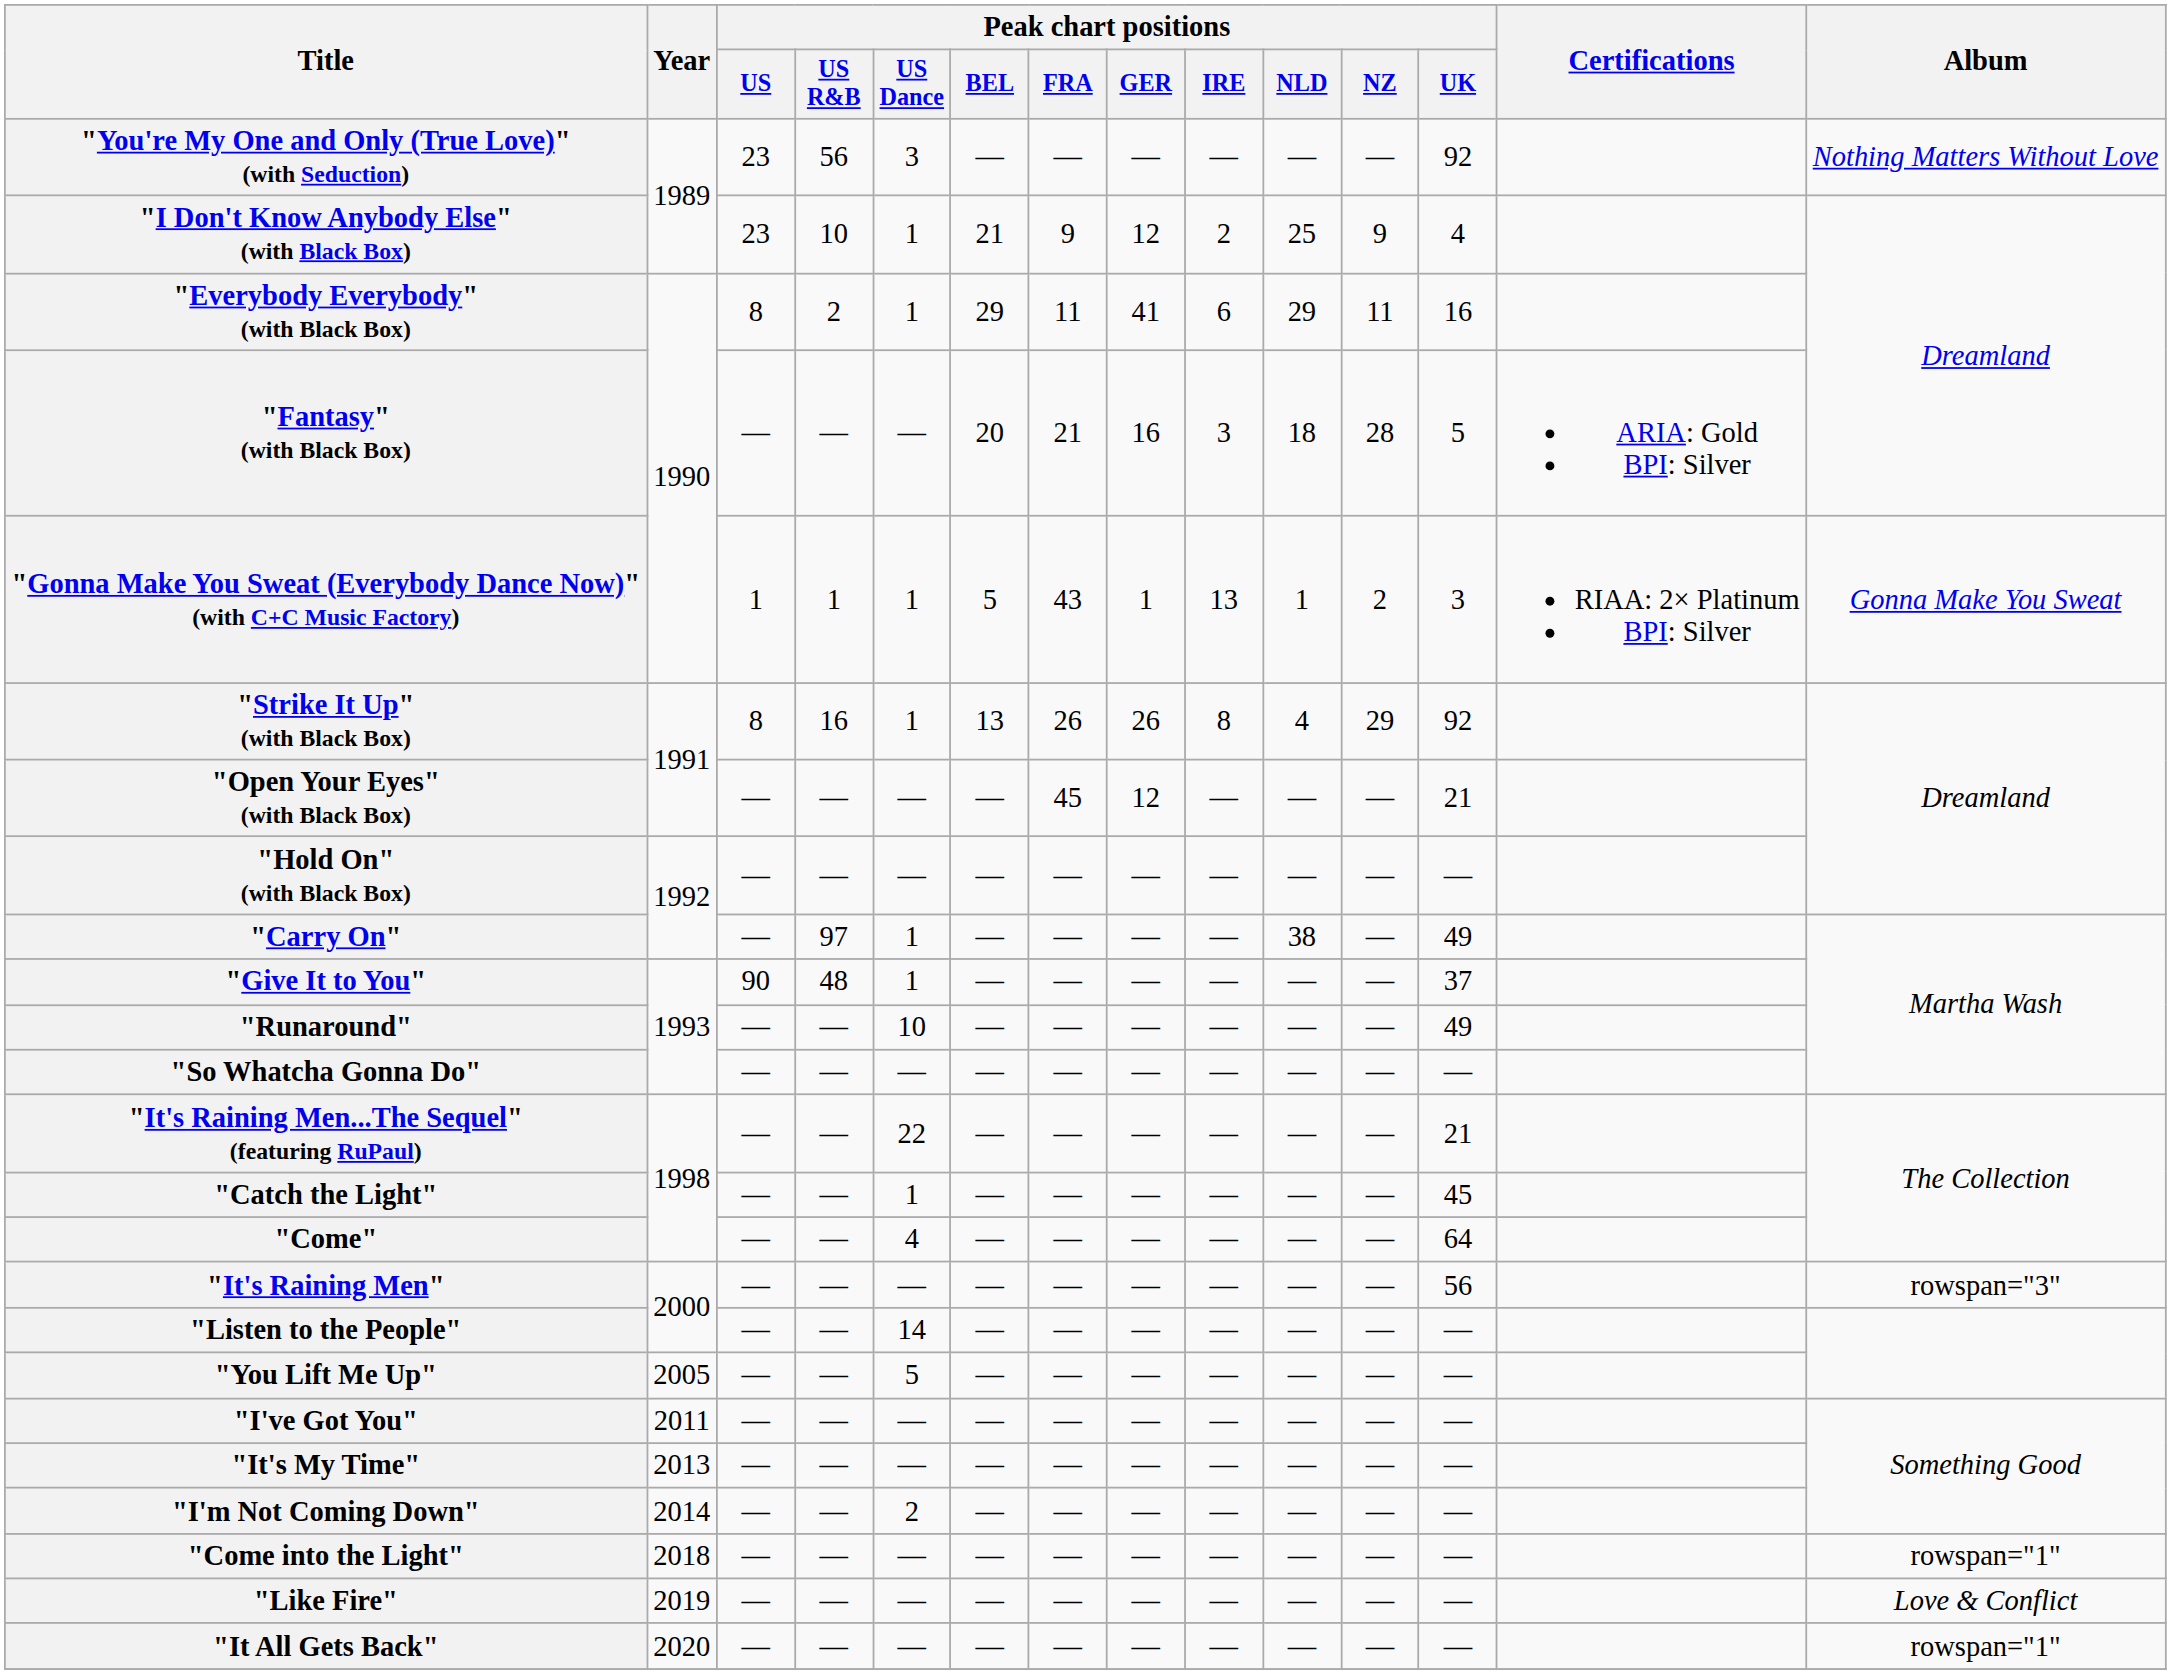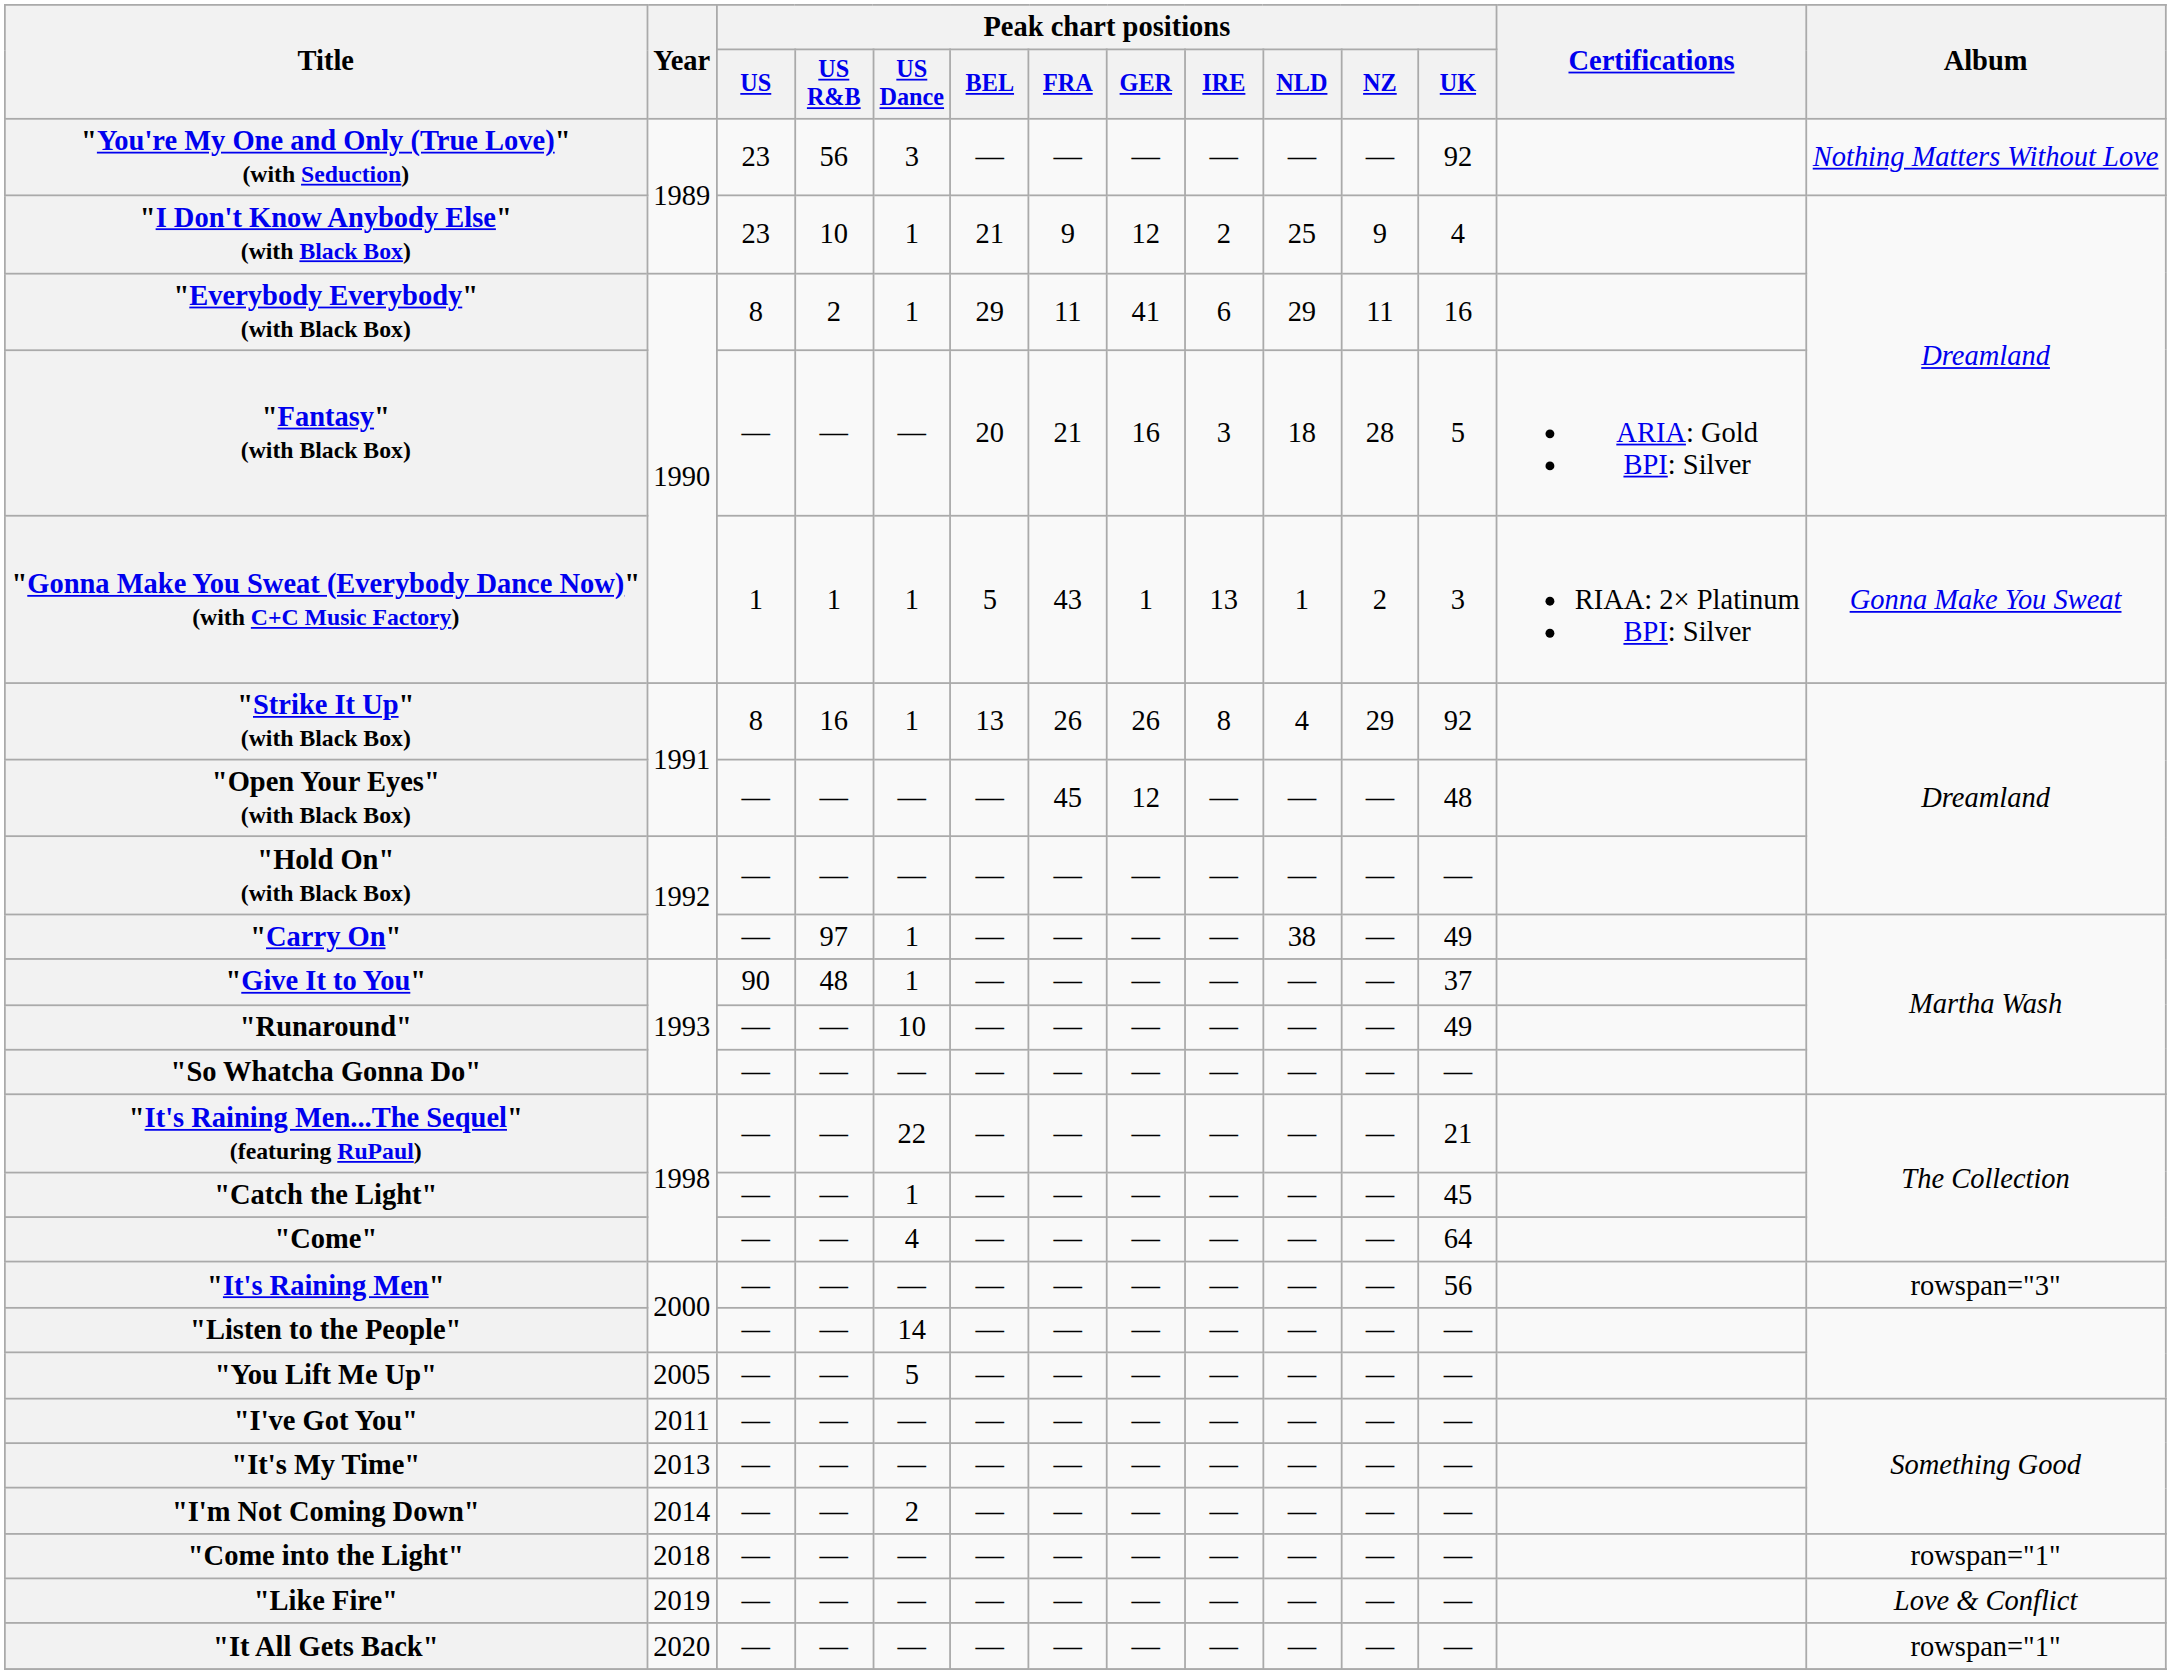 <table class="wikitable plainrowheaders" style="text-align: center;" border="1">
 <tr>
 <th rowspan="2">Title</th>
 <th rowspan="2">Year</th>
 <th colspan="10">Peak chart positions</th>
 <th rowspan="2"><a href='#'>Certifications</a></th>
 <th rowspan="2">Album</th>
 </tr>
 <tr>
 <th scope="col" style="width:2.75em;font-size:85%;"><a href='#'>US</a><br></th>
 <th scope="col" style="width:2.75em;font-size:85%;"><a href='#'>US R&B</a><br></th>
 <th scope="col" style="width:2.75em;font-size:85%;"><a href='#'>US Dance</a><br></th>
 <th scope="col" style="width:2.75em;font-size:85%;"><a href='#'>BEL</a><br></th>
 <th scope="col" style="width:2.75em;font-size:85%;"><a href='#'>FRA</a><br></th>
 <th scope="col" style="width:2.75em;font-size:85%;"><a href='#'>GER</a><br></th>
 <th scope="col" style="width:2.75em;font-size:85%;"><a href='#'>IRE</a><br></th>
 <th scope="col" style="width:2.75em;font-size:85%;"><a href='#'>NLD</a><br></th>
 <th scope="col" style="width:2.75em;font-size:85%;"><a href='#'>NZ</a><br></th>
 <th scope="col" style="width:2.75em;font-size:85%;"><a href='#'>UK</a><br></th>
 </tr>
 <tr>
 <th scope="row">"<a href='#'>You're My One and Only (True Love)</a>"<br><small>(with <a href='#'>Seduction</a>)</small></th>
 <td rowspan="2">1989</td>
 <td>23</td>
 <td>56</td>
 <td>3</td>
 <td>—</td>
 <td>—</td>
 <td>—</td>
 <td>—</td>
 <td>—</td>
 <td>—</td>
 <td>92</td>
 <td></td>
 <td><em><a href='#'>Nothing Matters Without Love</a></em></td>
 </tr>
 <tr>
 <th scope="row">"<a href='#'>I Don't Know Anybody Else</a>"<br><small>(with <a href='#'>Black Box</a>)</small></th>
 <td>23</td>
 <td>10</td>
 <td>1</td>
 <td>21</td>
 <td>9</td>
 <td>12</td>
 <td>2</td>
 <td>25</td>
 <td>9</td>
 <td>4</td>
 <td></td>
 <td rowspan="3"><em><a href='#'>Dreamland</a></em></td>
 </tr>
 <tr>
 <th scope="row">"<a href='#'>Everybody Everybody</a>"<br><small>(with Black Box)</small></th>
 <td rowspan="3">1990</td>
 <td>8</td>
 <td>2</td>
 <td>1</td>
 <td>29</td>
 <td>11</td>
 <td>41</td>
 <td>6</td>
 <td>29</td>
 <td>11</td>
 <td>16</td>
 <td></td>
 </tr>
 <tr>
 <th scope="row">"<a href='#'>Fantasy</a>"<br><small>(with Black Box)</small></th>
 <td>—</td>
 <td>—</td>
 <td>—</td>
 <td>20</td>
 <td>21</td>
 <td>16</td>
 <td>3</td>
 <td>18</td>
 <td>28</td>
 <td>5</td>
 <td><br><ul><li><a href='#'>ARIA</a>: Gold</li><li><a href='#'>BPI</a>: Silver</li></ul></td>
 </tr>
 <tr>
 <th scope="row">"<a href='#'>Gonna Make You Sweat (Everybody Dance Now)</a>"<br><small>(with <a href='#'>C+C Music Factory</a>)</small></th>
 <td>1</td>
 <td>1</td>
 <td>1</td>
 <td>5</td>
 <td>43</td>
 <td>1</td>
 <td>13</td>
 <td>1</td>
 <td>2</td>
 <td>3</td>
 <td><br><ul><li>RIAA: 2× Platinum</li><li><a href='#'>BPI</a>: Silver</li></ul></td>
 <td rowspan="1"><em><a href='#'>Gonna Make You Sweat</a></em></td>
 </tr>
 <tr>
 <th scope="row">"<a href='#'>Strike It Up</a>"<br><small>(with Black Box)</small></th>
 <td rowspan="2">1991</td>
 <td>8</td>
 <td>16</td>
 <td>1</td>
 <td>13</td>
 <td>26</td>
 <td>26</td>
 <td>8</td>
 <td>4</td>
 <td>29</td>
 <td>92</td>
 <td></td>
 <td rowspan="3"><em>Dreamland</em></td>
 </tr>
 <tr>
 <th scope="row">"Open Your Eyes"<br><small>(with Black Box)</small></th>
 <td>—</td>
 <td>—</td>
 <td>—</td>
 <td>—</td>
 <td>45</td>
 <td>12</td>
 <td>—</td>
 <td>—</td>
 <td>—</td>
-<td>21</td>
+<td>48</td>
 <td></td>
 </tr>
 <tr>
 <th scope="row">"Hold On"<br><small>(with Black Box)</small></th>
 <td rowspan="2">1992</td>
 <td>—</td>
 <td>—</td>
 <td>—</td>
 <td>—</td>
 <td>—</td>
 <td>—</td>
 <td>—</td>
 <td>—</td>
 <td>—</td>
 <td>—</td>
 <td></td>
 </tr>
 <tr>
 <th scope="row">"<a href='#'>Carry On</a>"</th>
 <td>—</td>
 <td>97</td>
 <td>1</td>
 <td>—</td>
 <td>—</td>
 <td>—</td>
 <td>—</td>
 <td>38</td>
 <td>—</td>
 <td>49</td>
 <td></td>
 <td rowspan="4"><em>Martha Wash</em></td>
 </tr>
 <tr>
 <th scope="row">"<a href='#'>Give It to You</a>"</th>
 <td rowspan="3">1993</td>
 <td>90</td>
 <td>48</td>
 <td>1</td>
 <td>—</td>
 <td>—</td>
 <td>—</td>
 <td>—</td>
 <td>—</td>
 <td>—</td>
 <td>37</td>
 <td></td>
 </tr>
 <tr>
 <th scope="row">"Runaround"</th>
 <td>—</td>
 <td>—</td>
 <td>10</td>
 <td>—</td>
 <td>—</td>
 <td>—</td>
 <td>—</td>
 <td>—</td>
 <td>—</td>
 <td>49</td>
 <td></td>
 </tr>
 <tr>
 <th scope="row">"So Whatcha Gonna Do"</th>
 <td>—</td>
 <td>—</td>
 <td>—</td>
 <td>—</td>
 <td>—</td>
 <td>—</td>
 <td>—</td>
 <td>—</td>
 <td>—</td>
 <td>—</td>
 <td></td>
 </tr>
 <tr>
 <th scope="row">"<a href='#'>It's Raining Men...The Sequel</a>"<br><small>(featuring <a href='#'>RuPaul</a>)</small></th>
 <td rowspan="3">1998</td>
 <td>—</td>
 <td>—</td>
 <td>22</td>
 <td>—</td>
 <td>—</td>
 <td>—</td>
 <td>—</td>
 <td>—</td>
 <td>—</td>
 <td>21</td>
 <td></td>
 <td rowspan="3"><em>The Collection</em></td>
 </tr>
 <tr>
 <th scope="row">"Catch the Light"</th>
 <td>—</td>
 <td>—</td>
 <td>1</td>
 <td>—</td>
 <td>—</td>
 <td>—</td>
 <td>—</td>
 <td>—</td>
 <td>—</td>
 <td>45</td>
 <td></td>
 </tr>
 <tr>
 <th scope="row">"Come"</th>
 <td>—</td>
 <td>—</td>
 <td>4</td>
 <td>—</td>
 <td>—</td>
 <td>—</td>
 <td>—</td>
 <td>—</td>
 <td>—</td>
 <td>64</td>
 <td></td>
 </tr>
 <tr>
 <th scope="row">"<a href='#'>It's Raining Men</a>"</th>
 <td rowspan="2">2000</td>
 <td>—</td>
 <td>—</td>
 <td>—</td>
 <td>—</td>
 <td>—</td>
 <td>—</td>
 <td>—</td>
 <td>—</td>
 <td>—</td>
 <td>56</td>
 <td></td>
 <td>rowspan="3" </td>
 </tr>
 <tr>
 <th scope="row">"Listen to the People"</th>
 <td>—</td>
 <td>—</td>
 <td>14</td>
 <td>—</td>
 <td>—</td>
 <td>—</td>
 <td>—</td>
 <td>—</td>
 <td>—</td>
 <td>—</td>
 <td></td>
 </tr>
 <tr>
 <th scope="row">"You Lift Me Up"</th>
 <td rowspan="1">2005</td>
 <td>—</td>
 <td>—</td>
 <td>5</td>
 <td>—</td>
 <td>—</td>
 <td>—</td>
 <td>—</td>
 <td>—</td>
 <td>—</td>
 <td>—</td>
 <td></td>
 </tr>
 <tr>
 <th scope="row">"I've Got You"</th>
 <td rowspan="1">2011</td>
 <td>—</td>
 <td>—</td>
 <td>—</td>
 <td>—</td>
 <td>—</td>
 <td>—</td>
 <td>—</td>
 <td>—</td>
 <td>—</td>
 <td>—</td>
 <td></td>
 <td rowspan="3"><em>Something Good</em></td>
 </tr>
 <tr>
 <th scope="row">"It's My Time"</th>
 <td rowspan="1">2013</td>
 <td>—</td>
 <td>—</td>
 <td>—</td>
 <td>—</td>
 <td>—</td>
 <td>—</td>
 <td>—</td>
 <td>—</td>
 <td>—</td>
 <td>—</td>
 <td></td>
 </tr>
 <tr>
 <th scope="row">"I'm Not Coming Down"</th>
 <td rowspan="1">2014</td>
 <td>—</td>
 <td>—</td>
 <td>2</td>
 <td>—</td>
 <td>—</td>
 <td>—</td>
 <td>—</td>
 <td>—</td>
 <td>—</td>
 <td>—</td>
 <td></td>
 </tr>
 <tr>
 <th scope="row">"Come into the Light"</th>
 <td rowspan="1">2018</td>
 <td>—</td>
 <td>—</td>
 <td>—</td>
 <td>—</td>
 <td>—</td>
 <td>—</td>
 <td>—</td>
 <td>—</td>
 <td>—</td>
 <td>—</td>
 <td></td>
 <td>rowspan="1" </td>
 </tr>
 <tr>
 <th scope="row">"Like Fire"</th>
 <td rowspan="1">2019</td>
 <td>—</td>
 <td>—</td>
 <td>—</td>
 <td>—</td>
 <td>—</td>
 <td>—</td>
 <td>—</td>
 <td>—</td>
 <td>—</td>
 <td>—</td>
 <td></td>
 <td rowspan="1"><em>Love & Conflict</em></td>
 </tr>
 <tr>
 <th scope="row">"It All Gets Back"</th>
 <td rowspan="1">2020</td>
 <td>—</td>
 <td>—</td>
 <td>—</td>
 <td>—</td>
 <td>—</td>
 <td>—</td>
 <td>—</td>
 <td>—</td>
 <td>—</td>
 <td>—</td>
 <td></td>
 <td>rowspan="1" </td>
 </tr>
 <tr>
 </tr>
 </table>
